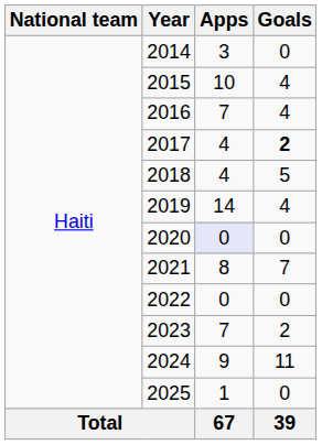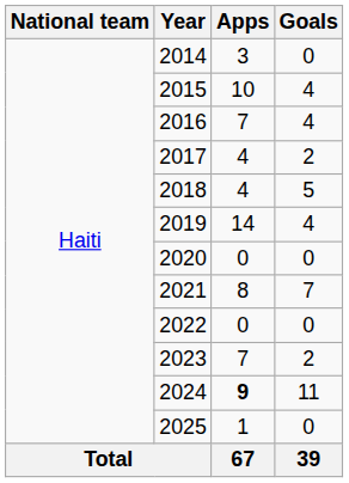 <table class="wikitable" style="text-align:center">
 <tr>
 <th>National team</th>
 <th>Year</th>
 <th>Apps</th>
 <th>Goals</th>
 </tr>
 <tr>
 <td rowspan="12"><a href='#'>Haiti</a></td>
 <td>2014</td>
 <td>3</td>
 <td>0</td>
 </tr>
 <tr>
 <td>2015</td>
 <td>10</td>
 <td>4</td>
 </tr>
 <tr>
 <td>2016</td>
 <td>7</td>
 <td>4</td>
 </tr>
 <tr>
 <td>2017</td>
 <td>4</td>
-<td><strong>2</strong></td>
+<td>2</td>
 </tr>
 <tr>
 <td>2018</td>
 <td>4</td>
 <td>5</td>
 </tr>
 <tr>
 <td>2019</td>
 <td>14</td>
 <td>4</td>
 </tr>
 <tr>
 <td>2020</td>
-<td style="background: lavender;">0</td>
+<td>0</td>
 <td>0</td>
 </tr>
 <tr>
 <td>2021</td>
 <td>8</td>
 <td>7</td>
 </tr>
 <tr>
 <td>2022</td>
 <td>0</td>
 <td>0</td>
 </tr>
 <tr>
 <td>2023</td>
 <td>7</td>
 <td>2</td>
 </tr>
 <tr>
 <td>2024</td>
-<td>9</td>
+<td><strong>9</strong></td>
 <td>11</td>
 </tr>
 <tr>
 <td>2025</td>
 <td>1</td>
 <td>0</td>
 </tr>
 <tr>
 <th colspan="2">Total</th>
 <th>67</th>
 <th>39</th>
 </tr>
 </table>
